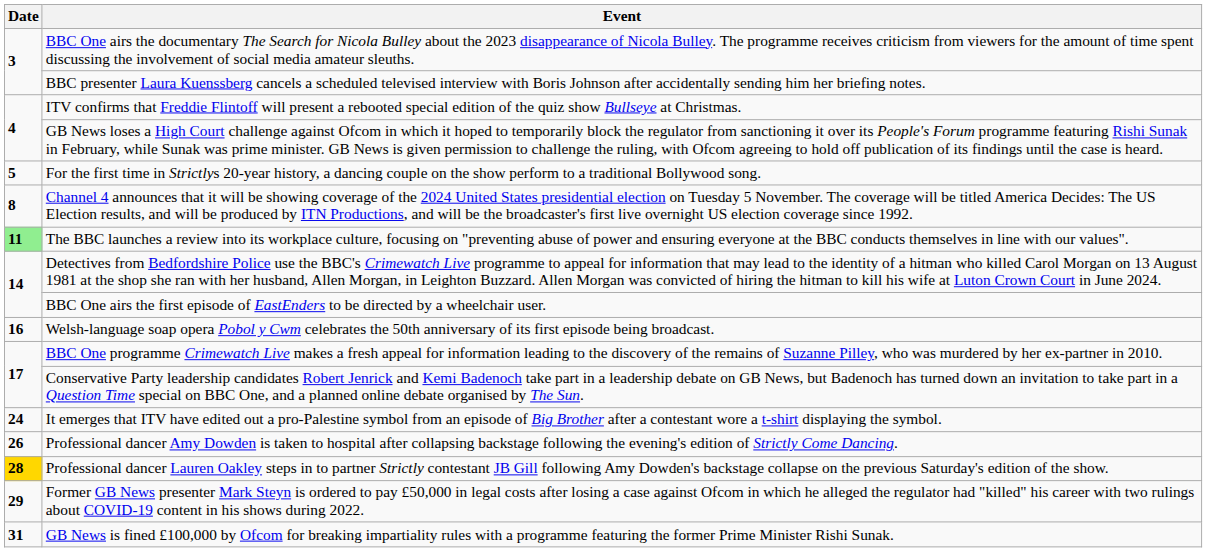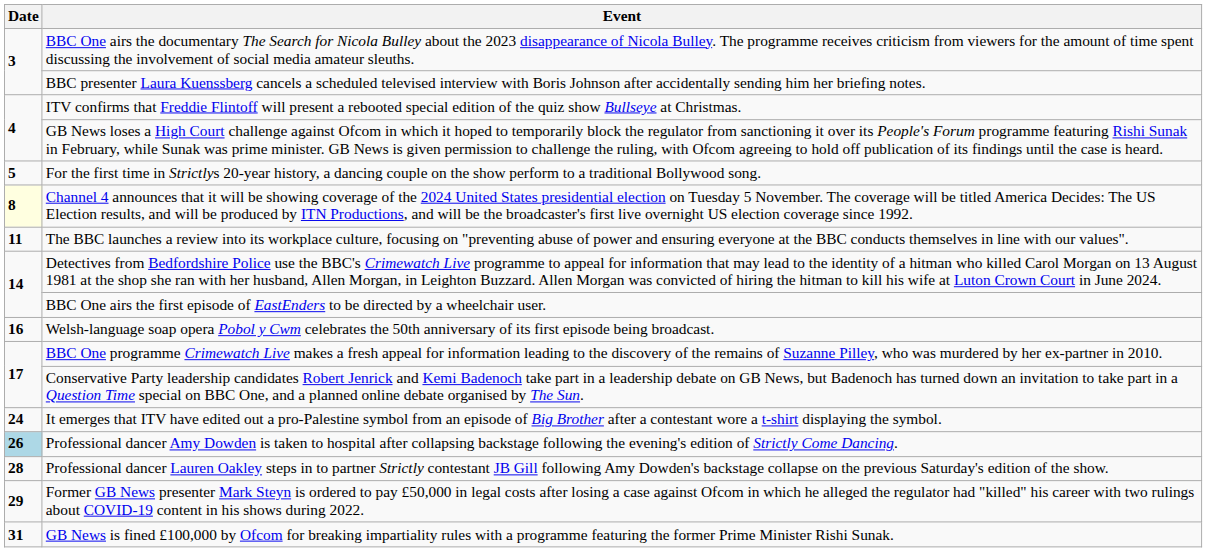 <table class="wikitable">
 <tr>
 <th>Date</th>
 <th>Event</th>
 </tr>
 <tr>
 <td rowspan=2><strong>3</strong></td>
 <td><a href='#'>BBC One</a> airs the documentary <em>The Search for Nicola Bulley</em> about the 2023 <a href='#'>disappearance of Nicola Bulley</a>. The programme receives criticism from viewers for the amount of time spent discussing the involvement of social media amateur sleuths.</td>
 </tr>
 <tr>
 <td>BBC presenter <a href='#'>Laura Kuenssberg</a> cancels a scheduled televised interview with Boris Johnson after accidentally sending him her briefing notes.</td>
 </tr>
 <tr>
 <td rowspan=2><strong>4</strong></td>
 <td>ITV confirms that <a href='#'>Freddie Flintoff</a> will present a rebooted special edition of the quiz show <em><a href='#'>Bullseye</a></em> at Christmas.</td>
 </tr>
 <tr>
 <td>GB News loses a <a href='#'>High Court</a> challenge against Ofcom in which it hoped to temporarily block the regulator from sanctioning it over its <em>People's Forum</em> programme featuring <a href='#'>Rishi Sunak</a> in February, while Sunak was prime minister. GB News is given permission to challenge the ruling, with Ofcom agreeing to hold off publication of its findings until the case is heard.</td>
 </tr>
 <tr>
 <td><strong>5</strong></td>
 <td>For the first time in <em>Strictly</em>s 20-year history, a dancing couple on the show perform to a traditional Bollywood song.</td>
 </tr>
 <tr>
-<td><strong>8</strong></td>
+<td style="background: lightyellow;"><strong>8</strong></td>
 <td><a href='#'>Channel 4</a> announces that it will be showing coverage of the <a href='#'>2024 United States presidential election</a> on Tuesday 5 November. The coverage will be titled America Decides: The US Election results, and will be produced by <a href='#'>ITN Productions</a>, and will be the broadcaster's first live overnight US election coverage since 1992.</td>
 </tr>
 <tr>
-<td style="background: lightgreen;"><strong>11</strong></td>
+<td><strong>11</strong></td>
 <td>The BBC launches a review into its workplace culture, focusing on "preventing abuse of power and ensuring everyone at the BBC conducts themselves in line with our values".</td>
 </tr>
 <tr>
 <td rowspan=2><strong>14</strong></td>
 <td>Detectives from <a href='#'>Bedfordshire Police</a> use the BBC's <em><a href='#'>Crimewatch Live</a></em> programme to appeal for information that may lead to the identity of a hitman who killed Carol Morgan on 13 August 1981 at the shop she ran with her husband, Allen Morgan, in Leighton Buzzard. Allen Morgan was convicted of hiring the hitman to kill his wife at <a href='#'>Luton Crown Court</a> in June 2024.</td>
 </tr>
 <tr>
 <td>BBC One airs the first episode of <em><a href='#'>EastEnders</a></em> to be directed by a wheelchair user.</td>
 </tr>
 <tr>
 <td><strong>16</strong></td>
 <td>Welsh-language soap opera <em><a href='#'>Pobol y Cwm</a></em> celebrates the 50th anniversary of its first episode being broadcast.</td>
 </tr>
 <tr>
 <td rowspan=2><strong>17</strong></td>
 <td><a href='#'>BBC One</a> programme <em><a href='#'>Crimewatch Live</a></em> makes a fresh appeal for information leading to the discovery of the remains of <a href='#'>Suzanne Pilley</a>, who was murdered by her ex-partner in 2010.</td>
 </tr>
 <tr>
 <td>Conservative Party leadership candidates <a href='#'>Robert Jenrick</a> and <a href='#'>Kemi Badenoch</a> take part in a leadership debate on GB News, but Badenoch has turned down an invitation to take part in a <em><a href='#'>Question Time</a></em> special on BBC One, and a planned online debate organised by <em><a href='#'>The Sun</a></em>.</td>
 </tr>
 <tr>
 <td><strong>24</strong></td>
 <td>It emerges that ITV have edited out a pro-Palestine symbol from an episode of <em><a href='#'>Big Brother</a></em> after a contestant wore a <a href='#'>t-shirt</a> displaying the symbol.</td>
 </tr>
 <tr>
-<td><strong>26</strong></td>
+<td style="background: lightblue;"><strong>26</strong></td>
 <td>Professional dancer <a href='#'>Amy Dowden</a> is taken to hospital after collapsing backstage following the evening's edition of <em><a href='#'>Strictly Come Dancing</a></em>.</td>
 </tr>
 <tr>
-<td style="background: gold;"><strong>28</strong></td>
+<td><strong>28</strong></td>
 <td>Professional dancer <a href='#'>Lauren Oakley</a> steps in to partner <em>Strictly</em> contestant <a href='#'>JB Gill</a> following Amy Dowden's backstage collapse on the previous Saturday's edition of the show.</td>
 </tr>
 <tr>
 <td><strong>29</strong></td>
 <td>Former <a href='#'>GB News</a> presenter <a href='#'>Mark Steyn</a> is ordered to pay £50,000 in legal costs after losing a case against Ofcom in which he alleged the regulator had "killed" his career with two rulings about <a href='#'>COVID-19</a> content in his shows during 2022.</td>
 </tr>
 <tr>
 <td><strong>31</strong></td>
 <td><a href='#'>GB News</a> is fined £100,000 by <a href='#'>Ofcom</a> for breaking impartiality rules with a programme featuring the former Prime Minister Rishi Sunak.</td>
 </tr>
 </table>
